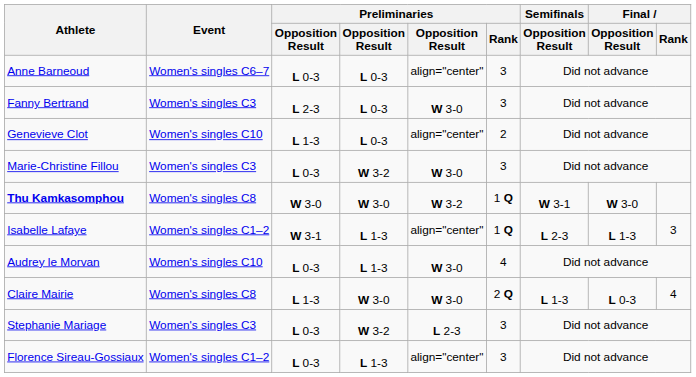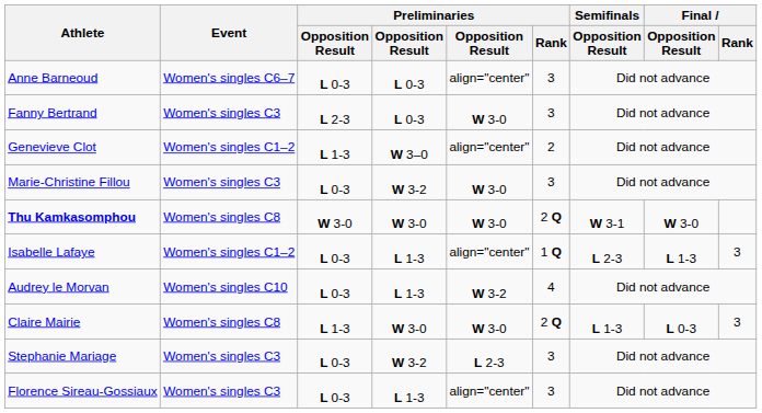 <table class=wikitable style="font-size:90%">
 <tr>
 <th rowspan="2">Athlete</th>
 <th rowspan="2">Event</th>
 <th colspan="4">Preliminaries</th>
 <th>Semifinals</th>
 <th colspan="2">Final / </th>
 </tr>
 <tr>
 <th>Opposition<br>Result</th>
 <th>Opposition<br>Result</th>
 <th>Opposition<br>Result</th>
 <th>Rank</th>
 <th>Opposition<br>Result</th>
 <th>Opposition<br>Result</th>
 <th>Rank</th>
 </tr>
 <tr>
 <td><a href='#'>Anne Barneoud</a></td>
 <td><a href='#'>Women's singles C6–7</a></td>
 <td align="center"><br><strong>L</strong> 0-3</td>
 <td align="center"><br><strong>L</strong> 0-3</td>
 <td>align="center" </td>
 <td align="center">3</td>
 <td align="center" colspan="3">Did not advance</td>
 </tr>
 <tr>
 <td><a href='#'>Fanny Bertrand</a></td>
 <td><a href='#'>Women's singles C3</a></td>
 <td align="center"><br><strong>L</strong> 2-3</td>
 <td align="center"><br><strong>L</strong> 0-3</td>
 <td align="center"><br><strong>W</strong> 3-0</td>
 <td align="center">3</td>
 <td align="center" colspan="3">Did not advance</td>
 </tr>
 <tr>
 <td><a href='#'>Genevieve Clot</a></td>
-<td><a href='#'>Women's singles C10</a></td>
+<td><a href='#'>Women's singles C1–2</a></td>
 <td align="center"><br><strong>L</strong> 1-3</td>
-<td align="center"><br><strong>L</strong> 0-3</td>
+<td align="center"><br><strong>W</strong> 3–0</td>
 <td>align="center" </td>
 <td align="center">2</td>
 <td align="center" colspan="3">Did not advance</td>
 </tr>
 <tr>
 <td><a href='#'>Marie-Christine Fillou</a></td>
 <td><a href='#'>Women's singles C3</a></td>
 <td align="center"><br><strong>L</strong> 0-3</td>
 <td align="center"><br><strong>W</strong> 3-2</td>
 <td align="center"><br><strong>W</strong> 3-0</td>
 <td align="center">3</td>
 <td align="center" colspan="3">Did not advance</td>
 </tr>
 <tr>
 <td><strong><a href='#'>Thu Kamkasomphou</a></strong></td>
 <td><a href='#'>Women's singles C8</a></td>
 <td align="center"><br><strong>W</strong> 3-0</td>
 <td align="center"><br><strong>W</strong> 3-0</td>
-<td align="center"><br><strong>W</strong> 3-2</td>
-<td align="center">1 <strong>Q</strong></td>
+<td align="center"><br><strong>W</strong> 3-0</td>
+<td align="center">2 <strong>Q</strong></td>
 <td align="center"><br><strong>W</strong> 3-1</td>
 <td align="center"><br><strong>W</strong> 3-0</td>
 <td align="center"></td>
 </tr>
 <tr>
 <td><a href='#'>Isabelle Lafaye</a></td>
 <td><a href='#'>Women's singles C1–2</a></td>
-<td align="center"><br><strong>W</strong> 3-1</td>
+<td align="center"><br><strong>L</strong> 0-3</td>
 <td align="center"><br><strong>L</strong> 1-3</td>
 <td>align="center" </td>
 <td align="center">1 <strong>Q</strong></td>
 <td align="center"><br><strong>L</strong> 2-3</td>
 <td align="center"><br><strong>L</strong> 1-3</td>
 <td align="center">3</td>
 </tr>
 <tr>
 <td><a href='#'>Audrey le Morvan</a></td>
 <td><a href='#'>Women's singles C10</a></td>
 <td align="center"><br><strong>L</strong> 0-3</td>
 <td align="center"><br><strong>L</strong> 1-3</td>
-<td align="center"><br><strong>W</strong> 3-0</td>
+<td align="center"><br><strong>W</strong> 3-2</td>
 <td align="center">4</td>
 <td align="center" colspan="3">Did not advance</td>
 </tr>
 <tr>
 <td><a href='#'>Claire Mairie</a></td>
 <td><a href='#'>Women's singles C8</a></td>
 <td align="center"><br><strong>L</strong> 1-3</td>
 <td align="center"><br><strong>W</strong> 3-0</td>
 <td align="center"><br><strong>W</strong> 3-0</td>
 <td align="center">2 <strong>Q</strong></td>
 <td align="center"><br><strong>L</strong> 1-3</td>
 <td align="center"><br><strong>L</strong> 0-3</td>
-<td align="center">4</td>
+<td align="center">3</td>
 </tr>
 <tr>
 <td><a href='#'>Stephanie Mariage</a></td>
 <td><a href='#'>Women's singles C3</a></td>
 <td align="center"><br><strong>L</strong> 0-3</td>
 <td align="center"><br><strong>W</strong> 3-2</td>
 <td align="center"><br><strong>L</strong> 2-3</td>
 <td align="center">3</td>
 <td align="center" colspan="3">Did not advance</td>
 </tr>
 <tr>
 <td><a href='#'>Florence Sireau-Gossiaux</a></td>
-<td><a href='#'>Women's singles C1–2</a></td>
+<td><a href='#'>Women's singles C3</a></td>
 <td align="center"><br><strong>L</strong> 0-3</td>
 <td align="center"><br><strong>L</strong> 1-3</td>
 <td>align="center" </td>
 <td align="center">3</td>
 <td align="center" colspan="3">Did not advance</td>
 </tr>
 </table>
